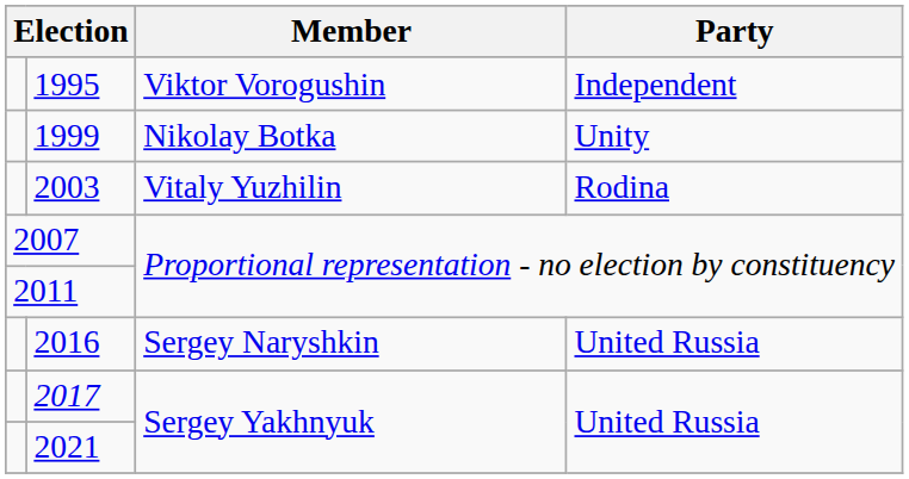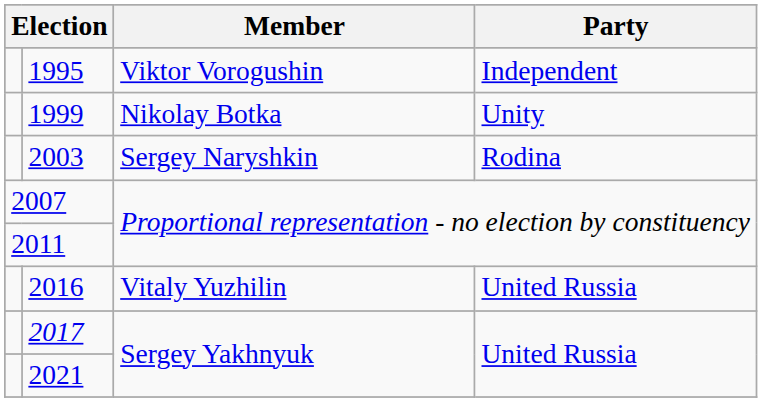 <table class="wikitable">
 <tr>
 <th colspan="2">Election</th>
 <th>Member</th>
 <th>Party</th>
 </tr>
 <tr>
 <td style="background-color: "></td>
 <td><a href='#'>1995</a></td>
 <td><a href='#'>Viktor Vorogushin</a></td>
 <td><a href='#'>Independent</a></td>
 </tr>
 <tr>
 <td style="background-color: "></td>
 <td><a href='#'>1999</a></td>
 <td><a href='#'>Nikolay Botka</a></td>
 <td><a href='#'>Unity</a></td>
 </tr>
 <tr>
 <td style="background-color: "></td>
 <td><a href='#'>2003</a></td>
-<td><a href='#'>Vitaly Yuzhilin</a></td>
+<td><a href='#'>Sergey Naryshkin</a></td>
 <td><a href='#'>Rodina</a></td>
 </tr>
 <tr>
 <td colspan=2><a href='#'>2007</a></td>
 <td colspan=2 rowspan=2><em><a href='#'>Proportional representation</a> - no election by constituency</em></td>
 </tr>
 <tr>
 <td colspan=2><a href='#'>2011</a></td>
 </tr>
 <tr>
 <td style="background-color: "></td>
 <td><a href='#'>2016</a></td>
-<td><a href='#'>Sergey Naryshkin</a></td>
+<td><a href='#'>Vitaly Yuzhilin</a></td>
 <td><a href='#'>United Russia</a></td>
 </tr>
 <tr>
 <td style="background-color: "></td>
 <td><em><a href='#'>2017</a></em></td>
 <td rowspan=2><a href='#'>Sergey Yakhnyuk</a></td>
 <td rowspan=2><a href='#'>United Russia</a></td>
 </tr>
 <tr>
 <td style="background-color: "></td>
 <td><a href='#'>2021</a></td>
 </tr>
 </table>
